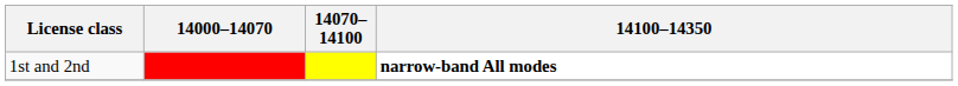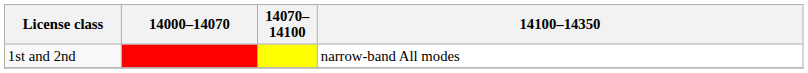 <table class="wikitable">
 <tr>
 <th width=120px>License class</th>
 <th width= 140px>14000–14070</th>
 <th width= 58px>14070–14100</th>
 <th width= 520px>14100–14350</th>
 </tr>
 <tr>
 <td>1st and 2nd</td>
 <td style="background-color: red"></td>
 <td style="background-color: yellow"></td>
-<td style="background-color: white"><strong>narrow-band All modes</strong></td>
+<td style="background-color: white">narrow-band All modes</td>
 </tr>
 <tr>
 </tr>
 </table>
